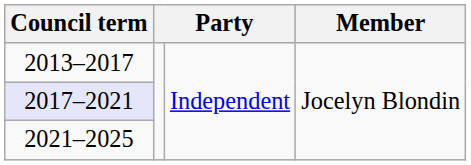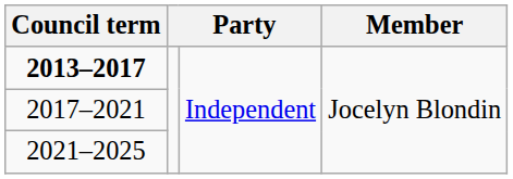 <table class="wikitable">
 <tr>
 <th>Council term</th>
 <th colspan="2">Party</th>
 <th>Member</th>
 </tr>
 <tr>
-<td align="center">2013–2017</td>
+<td align="center"><strong>2013–2017</strong></td>
 <td rowspan="3" style="color:inherit;background-color:"></td>
 <td rowspan="3"><a href='#'>Independent</a></td>
 <td rowspan="3">Jocelyn Blondin</td>
 </tr>
 <tr>
-<td align="center" style="background: lavender;">2017–2021</td>
+<td align="center">2017–2021</td>
 </tr>
 <tr>
 <td align="center">2021–2025</td>
 </tr>
 </table>
